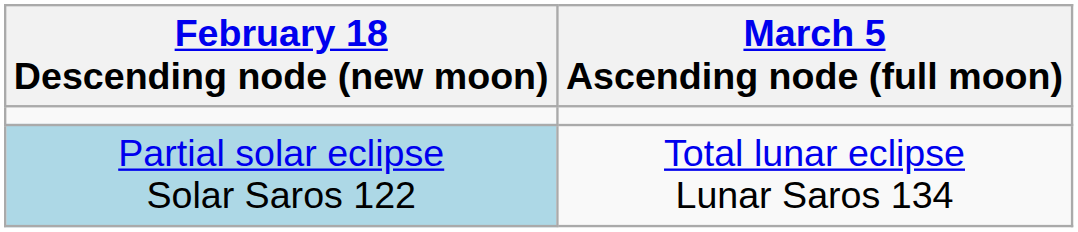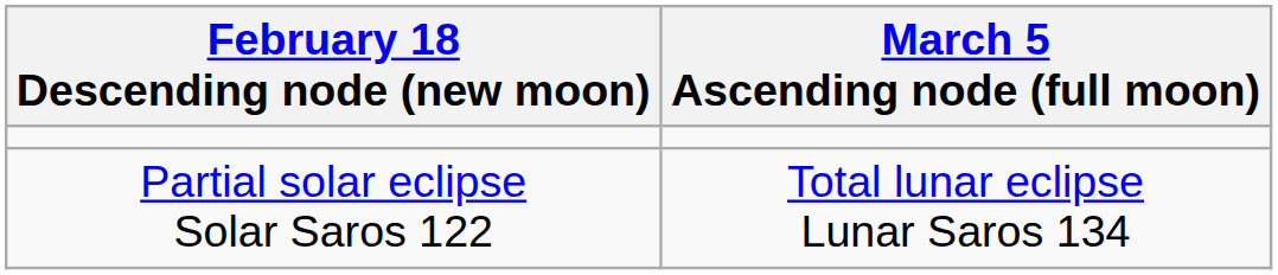 <table class="wikitable">
 <tr>
 <th><a href='#'>February 18</a><br>Descending node (new moon)<br></th>
 <th><a href='#'>March 5</a><br>Ascending node (full moon)<br></th>
 </tr>
 <tr>
 <td></td>
 <td></td>
 </tr>
 <tr align=center>
-<td style="background: lightblue;"><a href='#'>Partial solar eclipse</a><br>Solar Saros 122</td>
+<td><a href='#'>Partial solar eclipse</a><br>Solar Saros 122</td>
 <td><a href='#'>Total lunar eclipse</a><br>Lunar Saros 134</td>
 </tr>
 </table>
